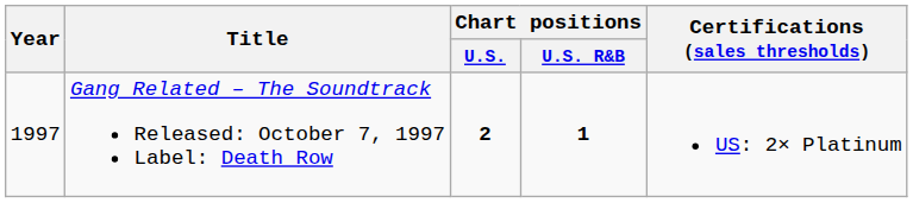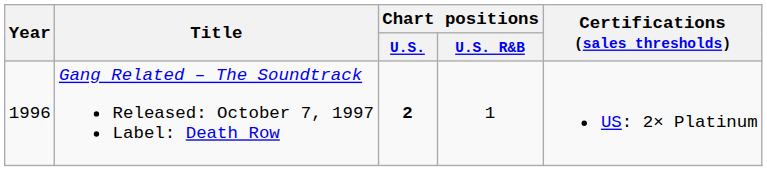 <table class="wikitable">
 <tr>
 <th rowspan="2">Year</th>
 <th rowspan="2">Title</th>
 <th colspan="2">Chart positions</th>
 <th rowspan="2">Certifications<br><small>(<a href='#'>sales thresholds</a>)</small></th>
 </tr>
 <tr>
 <th><small><a href='#'>U.S.</a></small></th>
 <th><small><a href='#'>U.S. R&B</a></small></th>
 </tr>
 <tr>
-<td>1997</td>
+<td>1996</td>
 <td><em><a href='#'>Gang Related – The Soundtrack</a></em><br><ul><li>Released: October 7, 1997</li><li>Label: <a href='#'>Death Row</a></li></ul></td>
 <td align="center"><strong>2</strong></td>
-<td align="center"><strong>1</strong></td>
+<td align="center">1</td>
 <td><br><ul><li><a href='#'>US</a>: 2× Platinum</li></ul></td>
 </tr>
 </table>
